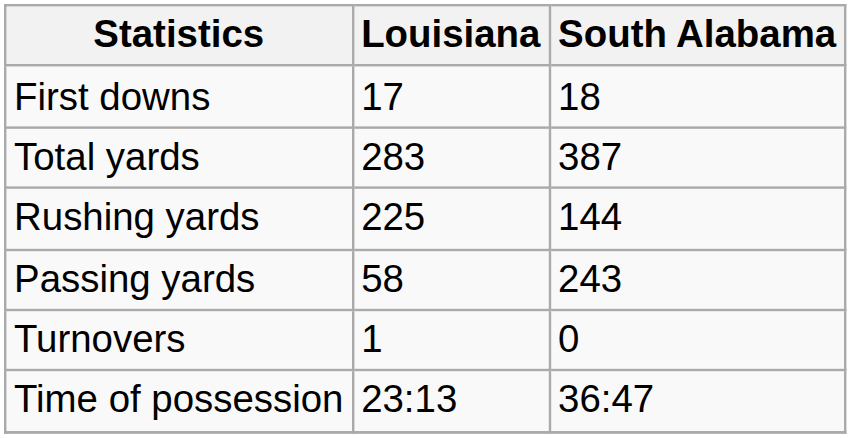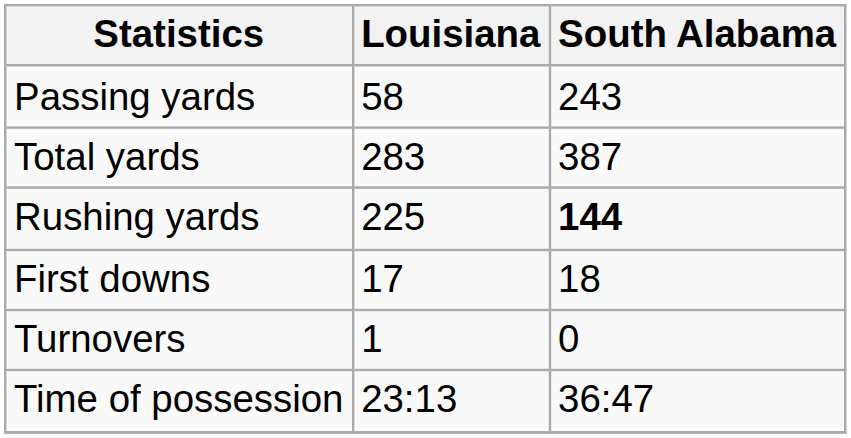 <table class="wikitable">
 <tr>
 <th>Statistics</th>
 <th>Louisiana</th>
 <th>South Alabama</th>
 </tr>
 <tr>
-<td>First downs</td>
-<td>17</td>
-<td>18</td>
+<td>Passing yards</td>
+<td>58</td>
+<td>243</td>
 </tr>
 <tr>
 <td>Total yards</td>
 <td>283</td>
 <td>387</td>
 </tr>
 <tr>
 <td>Rushing yards</td>
 <td>225</td>
-<td>144</td>
+<td><strong>144</strong></td>
 </tr>
 <tr>
-<td>Passing yards</td>
-<td>58</td>
-<td>243</td>
+<td>First downs</td>
+<td>17</td>
+<td>18</td>
 </tr>
 <tr>
 <td>Turnovers</td>
 <td>1</td>
 <td>0</td>
 </tr>
 <tr>
 <td>Time of possession</td>
 <td>23:13</td>
 <td>36:47</td>
 </tr>
 <tr>
 </tr>
 </table>
